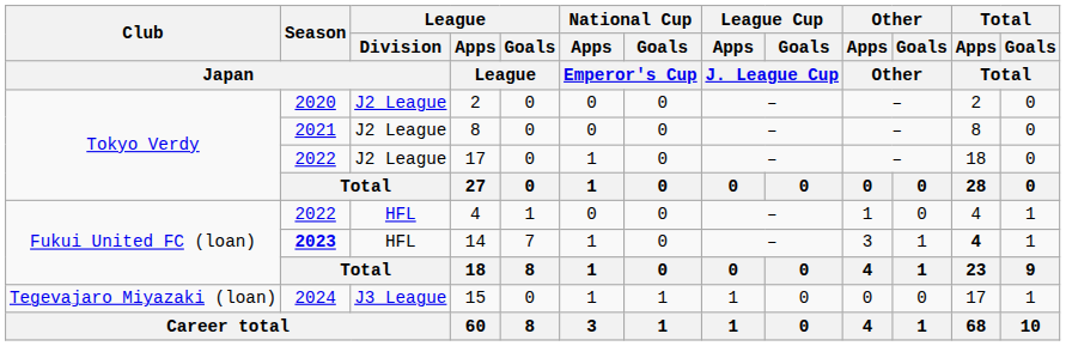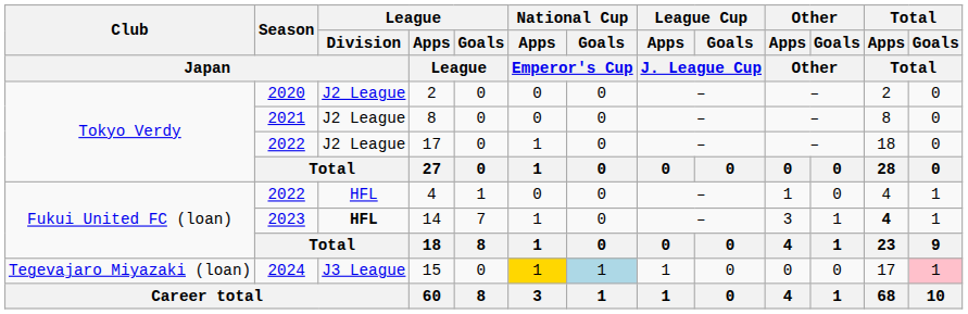 <table class="wikitable" style="text-align:center">
 <tr>
 <th rowspan=2>Club</th>
 <th rowspan=2>Season</th>
 <th colspan=3>League</th>
 <th colspan=2>National Cup</th>
 <th colspan=2>League Cup</th>
 <th colspan=2>Other</th>
 <th colspan=2>Total</th>
 </tr>
 <tr>
 <th>Division</th>
 <th>Apps</th>
 <th>Goals</th>
 <th>Apps</th>
 <th>Goals</th>
 <th>Apps</th>
 <th>Goals</th>
 <th>Apps</th>
 <th>Goals</th>
 <th>Apps</th>
 <th>Goals</th>
 </tr>
 <tr>
 <th colspan=3>Japan</th>
 <th colspan=2>League</th>
 <th colspan=2><a href='#'>Emperor's Cup</a></th>
 <th colspan=2><a href='#'>J. League Cup</a></th>
 <th colspan=2>Other</th>
 <th colspan=2>Total</th>
 </tr>
 <tr>
 <td rowspan="4"><a href='#'>Tokyo Verdy</a></td>
 <td><a href='#'>2020</a></td>
 <td><a href='#'>J2 League</a></td>
 <td>2</td>
 <td>0</td>
 <td>0</td>
 <td>0</td>
 <td colspan="2">–</td>
 <td colspan="2">–</td>
 <td>2</td>
 <td>0</td>
 </tr>
 <tr>
 <td><a href='#'>2021</a></td>
 <td>J2 League</td>
 <td>8</td>
 <td>0</td>
 <td>0</td>
 <td>0</td>
 <td colspan="2">–</td>
 <td colspan="2">–</td>
 <td>8</td>
 <td>0</td>
 </tr>
 <tr>
 <td><a href='#'>2022</a></td>
 <td>J2 League</td>
 <td>17</td>
 <td>0</td>
 <td>1</td>
 <td>0</td>
 <td colspan="2">–</td>
 <td colspan="2">–</td>
 <td>18</td>
 <td>0</td>
 </tr>
 <tr>
 <th colspan="2">Total</th>
 <th>27</th>
 <th>0</th>
 <th>1</th>
 <th>0</th>
 <th>0</th>
 <th>0</th>
 <th>0</th>
 <th>0</th>
 <th>28</th>
 <th>0</th>
 </tr>
 <tr>
 <td rowspan="3"><a href='#'>Fukui United FC</a> (loan)</td>
 <td><a href='#'>2022</a></td>
 <td><a href='#'>HFL</a></td>
 <td>4</td>
 <td>1</td>
 <td>0</td>
 <td>0</td>
 <td colspan="2">–</td>
 <td>1</td>
 <td>0</td>
 <td>4</td>
 <td>1</td>
 </tr>
 <tr>
-<td><strong><a href='#'>2023</a></strong></td>
-<td>HFL</td>
+<td><a href='#'>2023</a></td>
+<td><strong>HFL</strong></td>
 <td>14</td>
 <td>7</td>
 <td>1</td>
 <td>0</td>
 <td colspan="2">–</td>
 <td>3</td>
 <td>1</td>
 <td><strong>4</strong></td>
 <td>1</td>
 </tr>
 <tr>
 <th colspan="2">Total</th>
 <th>18</th>
 <th>8</th>
 <th>1</th>
 <th>0</th>
 <th>0</th>
 <th>0</th>
 <th>4</th>
 <th>1</th>
 <th>23</th>
 <th>9</th>
 </tr>
 <tr>
 <td><a href='#'>Tegevajaro Miyazaki</a> (loan)</td>
 <td><a href='#'>2024</a></td>
 <td><a href='#'>J3 League</a></td>
 <td>15</td>
 <td>0</td>
-<td>1</td>
-<td>1</td>
+<td style="background: gold;">1</td>
+<td style="background: lightblue;">1</td>
 <td>1</td>
 <td>0</td>
 <td>0</td>
 <td>0</td>
 <td>17</td>
-<td>1</td>
+<td style="background: pink;">1</td>
 </tr>
 <tr>
 <th colspan=3>Career total</th>
 <th>60</th>
 <th>8</th>
 <th>3</th>
 <th>1</th>
 <th>1</th>
 <th>0</th>
 <th>4</th>
 <th>1</th>
 <th>68</th>
 <th>10</th>
 </tr>
 </table>
